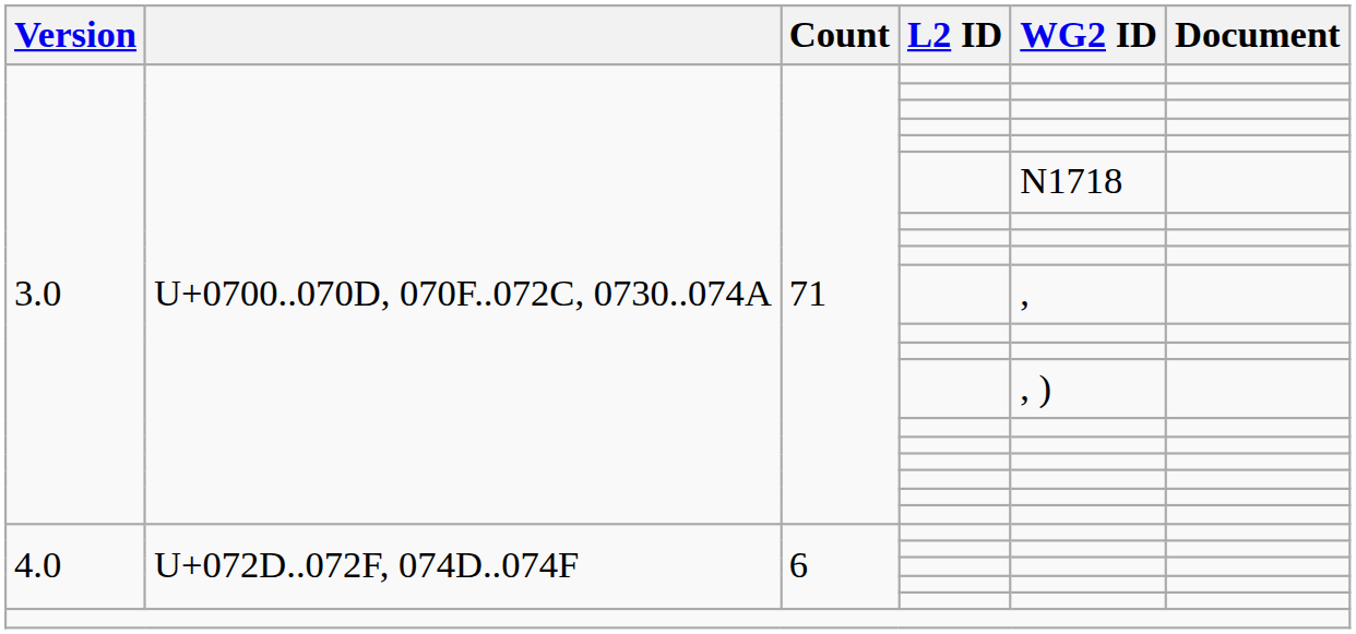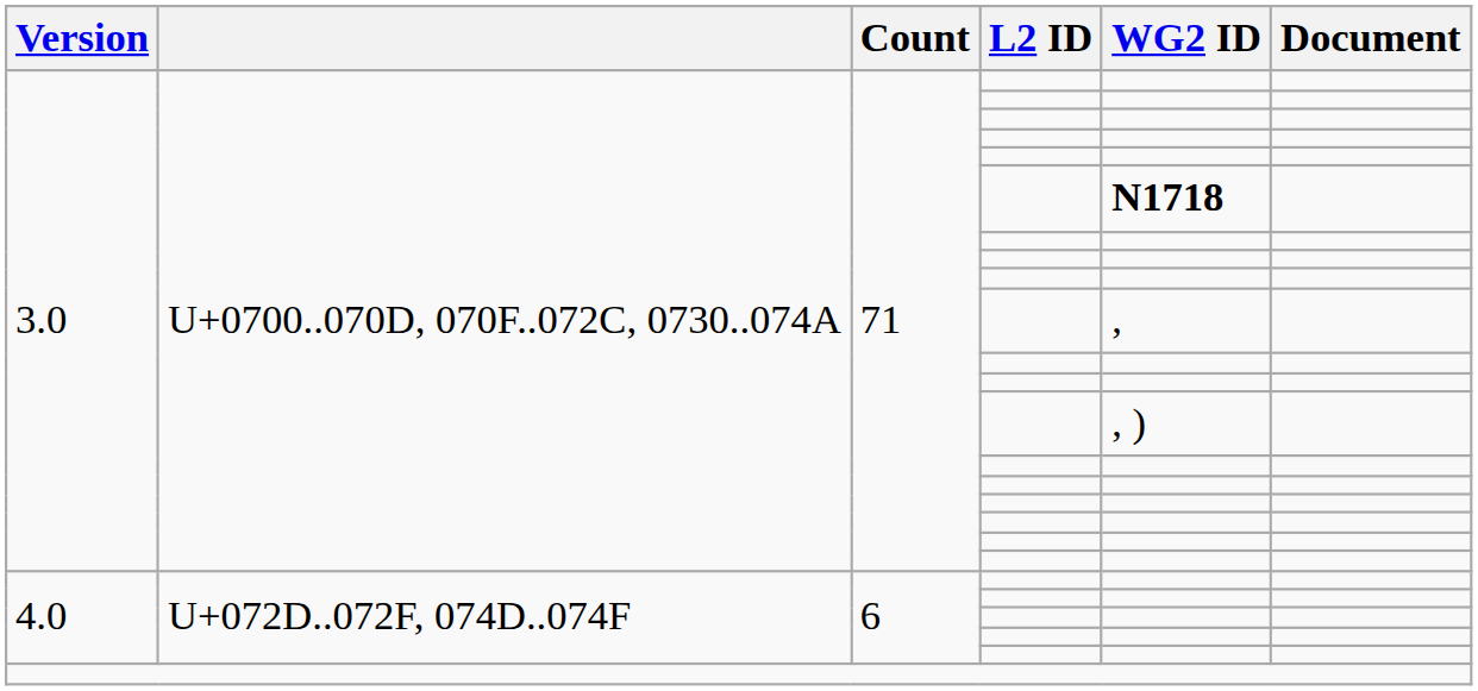 <table class="wikitable collapsible sticky-header">
 <tr>
 <th><a href='#'>Version</a></th>
 <th></th>
 <th>Count</th>
 <th><a href='#'>L2</a> ID</th>
 <th><a href='#'>WG2</a> ID</th>
 <th>Document</th>
 </tr>
 <tr>
 <td rowspan="19">3.0</td>
 <td rowspan="19">U+0700..070D, 070F..072C, 0730..074A</td>
 <td rowspan="19">71</td>
 <td></td>
 <td></td>
 <td></td>
 </tr>
 <tr>
 <td></td>
 <td></td>
 <td></td>
 </tr>
 <tr>
 <td></td>
 <td></td>
 <td></td>
 </tr>
 <tr>
 <td></td>
 <td></td>
 <td></td>
 </tr>
 <tr>
 <td></td>
 <td></td>
 <td></td>
 </tr>
 <tr>
 <td></td>
-<td>N1718</td>
+<td><strong>N1718</strong></td>
 <td></td>
 </tr>
 <tr>
 <td></td>
 <td></td>
 <td></td>
 </tr>
 <tr>
 <td></td>
 <td></td>
 <td></td>
 </tr>
 <tr>
 <td></td>
 <td></td>
 <td></td>
 </tr>
 <tr>
 <td></td>
 <td>, </td>
 <td></td>
 </tr>
 <tr>
 <td></td>
 <td></td>
 <td></td>
 </tr>
 <tr>
 <td></td>
 <td></td>
 <td></td>
 </tr>
 <tr>
 <td></td>
 <td> , )</td>
 <td></td>
 </tr>
 <tr>
 <td></td>
 <td></td>
 <td></td>
 </tr>
 <tr>
 <td></td>
 <td></td>
 <td></td>
 </tr>
 <tr>
 <td></td>
 <td></td>
 <td></td>
 </tr>
 <tr>
 <td></td>
 <td></td>
 <td></td>
 </tr>
 <tr>
 <td></td>
 <td></td>
 <td></td>
 </tr>
 <tr>
 <td></td>
 <td></td>
 <td></td>
 </tr>
 <tr>
 <td rowspan="5">4.0</td>
 <td rowspan="5">U+072D..072F, 074D..074F</td>
 <td rowspan="5">6</td>
 <td></td>
 <td></td>
 <td></td>
 </tr>
 <tr>
 <td></td>
 <td></td>
 <td></td>
 </tr>
 <tr>
 <td></td>
 <td></td>
 <td></td>
 </tr>
 <tr>
 <td></td>
 <td></td>
 <td></td>
 </tr>
 <tr>
 <td></td>
 <td></td>
 <td></td>
 </tr>
 <tr class="sortbottom">
 <td colspan="6"></td>
 </tr>
 </table>
